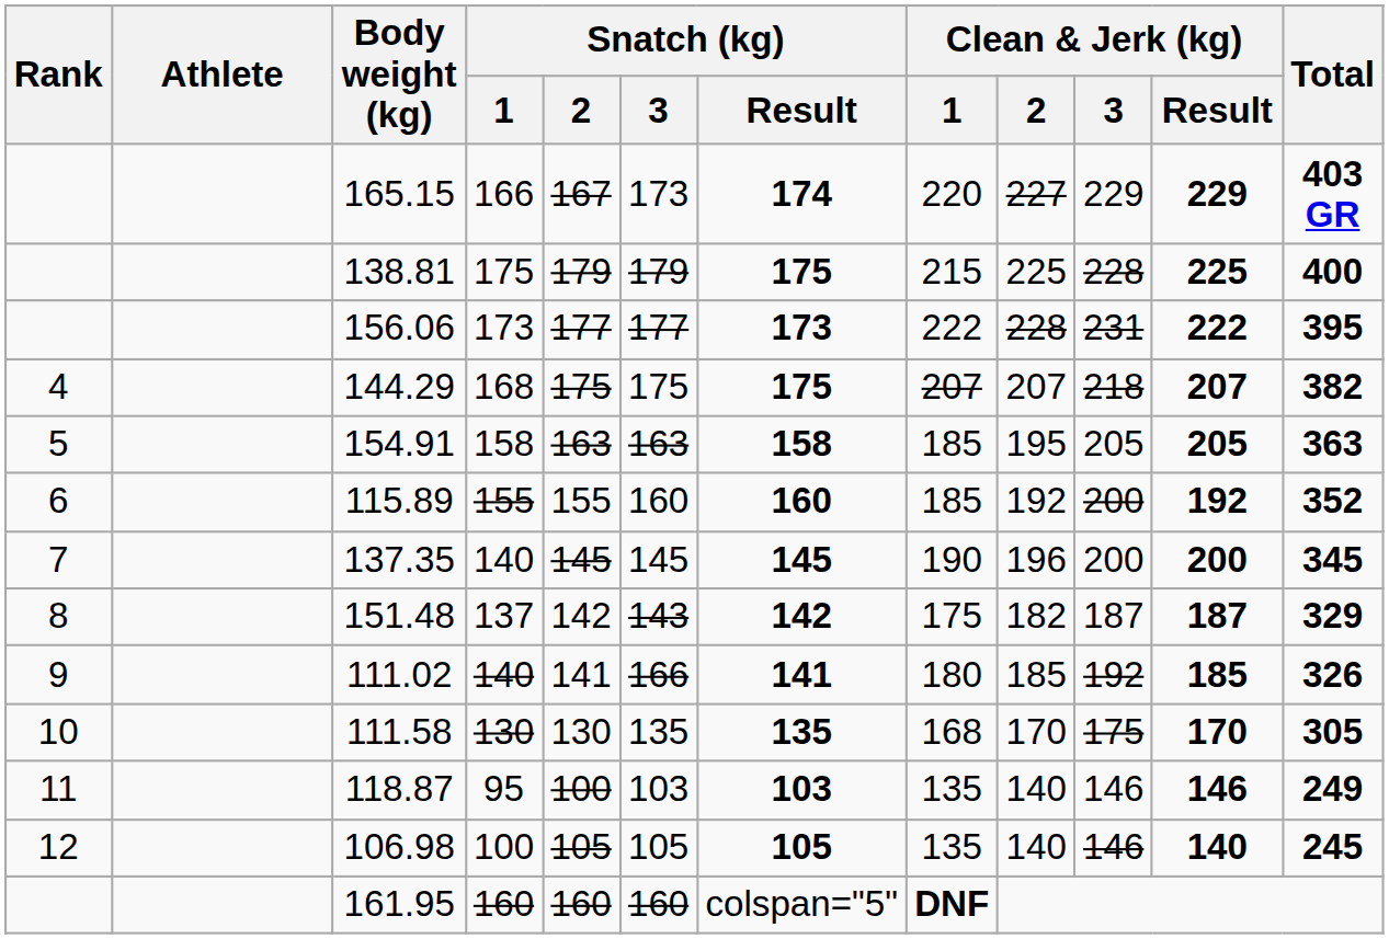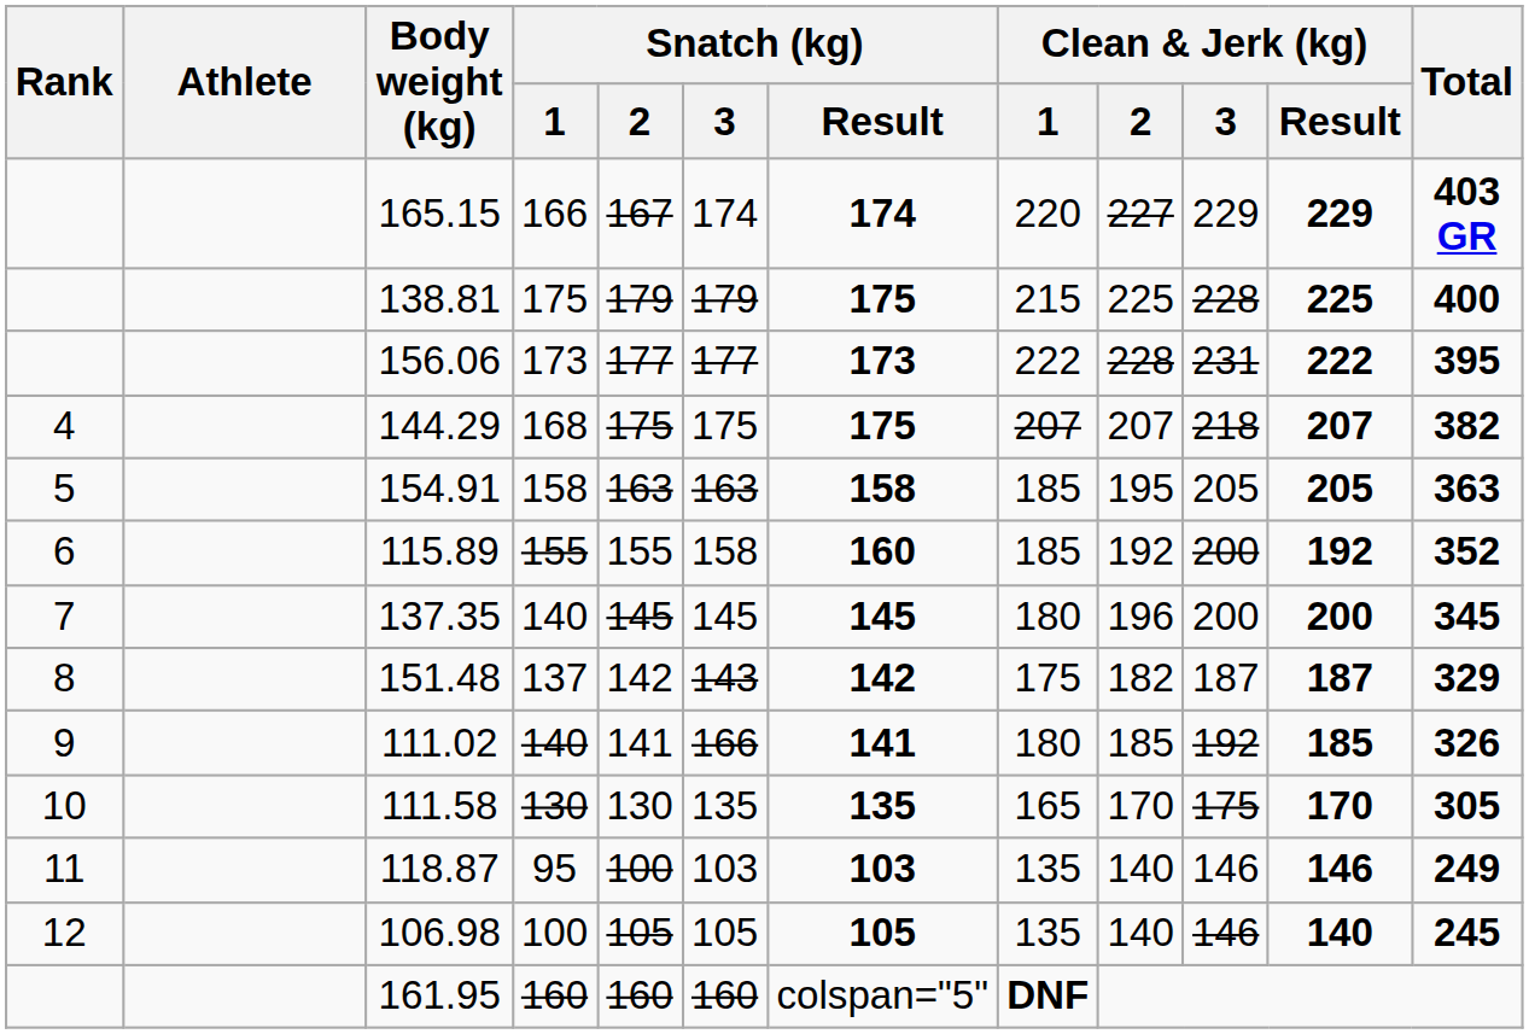 <table class = "wikitable sortable" style="text-align:center;">
 <tr>
 <th rowspan=2>Rank</th>
 <th rowspan=2 width=275>Athlete</th>
 <th rowspan=2>Body<br>weight (kg)</th>
 <th colspan=4>Snatch (kg)</th>
 <th colspan=4>Clean & Jerk (kg)</th>
 <th rowspan=2>Total</th>
 </tr>
 <tr>
 <th class="unsortable">1</th>
 <th class="unsortable">2</th>
 <th class="unsortable">3</th>
 <th width=55>Result</th>
 <th class="unsortable">1</th>
 <th class="unsortable">2</th>
 <th class="unsortable">3</th>
 <th width=55>Result</th>
 </tr>
 <tr>
 <td></td>
 <td align=left></td>
 <td>165.15</td>
 <td>166</td>
 <td><s>167</s></td>
-<td>173</td>
+<td>174</td>
 <td><strong>174</strong></td>
 <td>220</td>
 <td><s>227</s></td>
 <td>229</td>
 <td><strong>229</strong></td>
 <td><strong>403 <a href='#'>GR</a></strong></td>
 </tr>
 <tr>
 <td></td>
 <td align=left></td>
 <td>138.81</td>
 <td>175</td>
 <td><s>179</s></td>
 <td><s>179</s></td>
 <td><strong>175</strong></td>
 <td>215</td>
 <td>225</td>
 <td><s>228</s></td>
 <td><strong>225</strong></td>
 <td><strong>400</strong></td>
 </tr>
 <tr>
 <td></td>
 <td align=left></td>
 <td>156.06</td>
 <td>173</td>
 <td><s>177</s></td>
 <td><s>177</s></td>
 <td><strong>173</strong></td>
 <td>222</td>
 <td><s>228</s></td>
 <td><s>231</s></td>
 <td><strong>222</strong></td>
 <td><strong>395</strong></td>
 </tr>
 <tr>
 <td>4</td>
 <td align=left></td>
 <td>144.29</td>
 <td>168</td>
 <td><s>175</s></td>
 <td>175</td>
 <td><strong>175</strong></td>
 <td><s>207</s></td>
 <td>207</td>
 <td><s>218</s></td>
 <td><strong>207</strong></td>
 <td><strong>382</strong></td>
 </tr>
 <tr>
 <td>5</td>
 <td align=left></td>
 <td>154.91</td>
 <td>158</td>
 <td><s>163</s></td>
 <td><s>163</s></td>
 <td><strong>158</strong></td>
 <td>185</td>
 <td>195</td>
 <td>205</td>
 <td><strong>205</strong></td>
 <td><strong>363</strong></td>
 </tr>
 <tr>
 <td>6</td>
 <td align=left></td>
 <td>115.89</td>
 <td><s>155</s></td>
 <td>155</td>
-<td>160</td>
+<td>158</td>
 <td><strong>160</strong></td>
 <td>185</td>
 <td>192</td>
 <td><s>200</s></td>
 <td><strong>192</strong></td>
 <td><strong>352</strong></td>
 </tr>
 <tr>
 <td>7</td>
 <td align=left></td>
 <td>137.35</td>
 <td>140</td>
 <td><s>145</s></td>
 <td>145</td>
 <td><strong>145</strong></td>
-<td>190</td>
+<td>180</td>
 <td>196</td>
 <td>200</td>
 <td><strong>200</strong></td>
 <td><strong>345</strong></td>
 </tr>
 <tr>
 <td>8</td>
 <td align=left></td>
 <td>151.48</td>
 <td>137</td>
 <td>142</td>
 <td><s>143</s></td>
 <td><strong>142</strong></td>
 <td>175</td>
 <td>182</td>
 <td>187</td>
 <td><strong>187</strong></td>
 <td><strong>329</strong></td>
 </tr>
 <tr>
 <td>9</td>
 <td align=left></td>
 <td>111.02</td>
 <td><s>140</s></td>
 <td>141</td>
 <td><s>166</s></td>
 <td><strong>141</strong></td>
 <td>180</td>
 <td>185</td>
 <td><s>192</s></td>
 <td><strong>185</strong></td>
 <td><strong>326</strong></td>
 </tr>
 <tr>
 <td>10</td>
 <td align=left></td>
 <td>111.58</td>
 <td><s>130</s></td>
 <td>130</td>
 <td>135</td>
 <td><strong>135</strong></td>
-<td>168</td>
+<td>165</td>
 <td>170</td>
 <td><s>175</s></td>
 <td><strong>170</strong></td>
 <td><strong>305</strong></td>
 </tr>
 <tr>
 <td>11</td>
 <td align=left></td>
 <td>118.87</td>
 <td>95</td>
 <td><s>100</s></td>
 <td>103</td>
 <td><strong>103</strong></td>
 <td>135</td>
 <td>140</td>
 <td>146</td>
 <td><strong>146</strong></td>
 <td><strong>249</strong></td>
 </tr>
 <tr>
 <td>12</td>
 <td align=left></td>
 <td>106.98</td>
 <td>100</td>
 <td><s>105</s></td>
 <td>105</td>
 <td><strong>105</strong></td>
 <td>135</td>
 <td>140</td>
 <td><s>146</s></td>
 <td><strong>140</strong></td>
 <td><strong>245</strong></td>
 </tr>
 <tr>
 <td></td>
 <td align=left></td>
 <td>161.95</td>
 <td><s>160</s></td>
 <td><s>160</s></td>
 <td><s>160</s></td>
 <td>colspan="5" </td>
 <td><strong>DNF</strong></td>
 </tr>
 </table>
